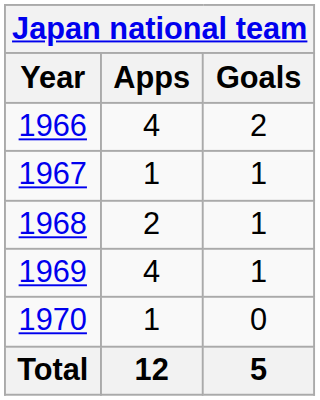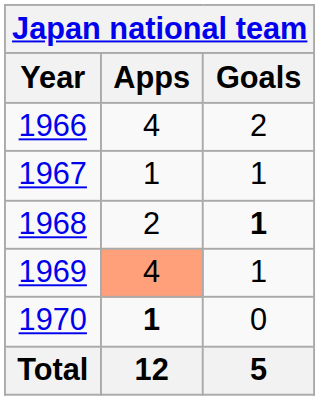 <table class="wikitable" style="text-align:center">
 <tr>
 <th colspan=3><a href='#'>Japan national team</a></th>
 </tr>
 <tr>
 <th>Year</th>
 <th>Apps</th>
 <th>Goals</th>
 </tr>
 <tr>
 <td><a href='#'>1966</a></td>
 <td>4</td>
 <td>2</td>
 </tr>
 <tr>
 <td><a href='#'>1967</a></td>
 <td>1</td>
 <td>1</td>
 </tr>
 <tr>
 <td><a href='#'>1968</a></td>
 <td>2</td>
-<td>1</td>
+<td><strong>1</strong></td>
 </tr>
 <tr>
 <td><a href='#'>1969</a></td>
-<td>4</td>
+<td style="background: lightsalmon;">4</td>
 <td>1</td>
 </tr>
 <tr>
 <td><a href='#'>1970</a></td>
-<td>1</td>
+<td><strong>1</strong></td>
 <td>0</td>
 </tr>
 <tr>
 <th>Total</th>
 <th>12</th>
 <th>5</th>
 </tr>
 </table>
